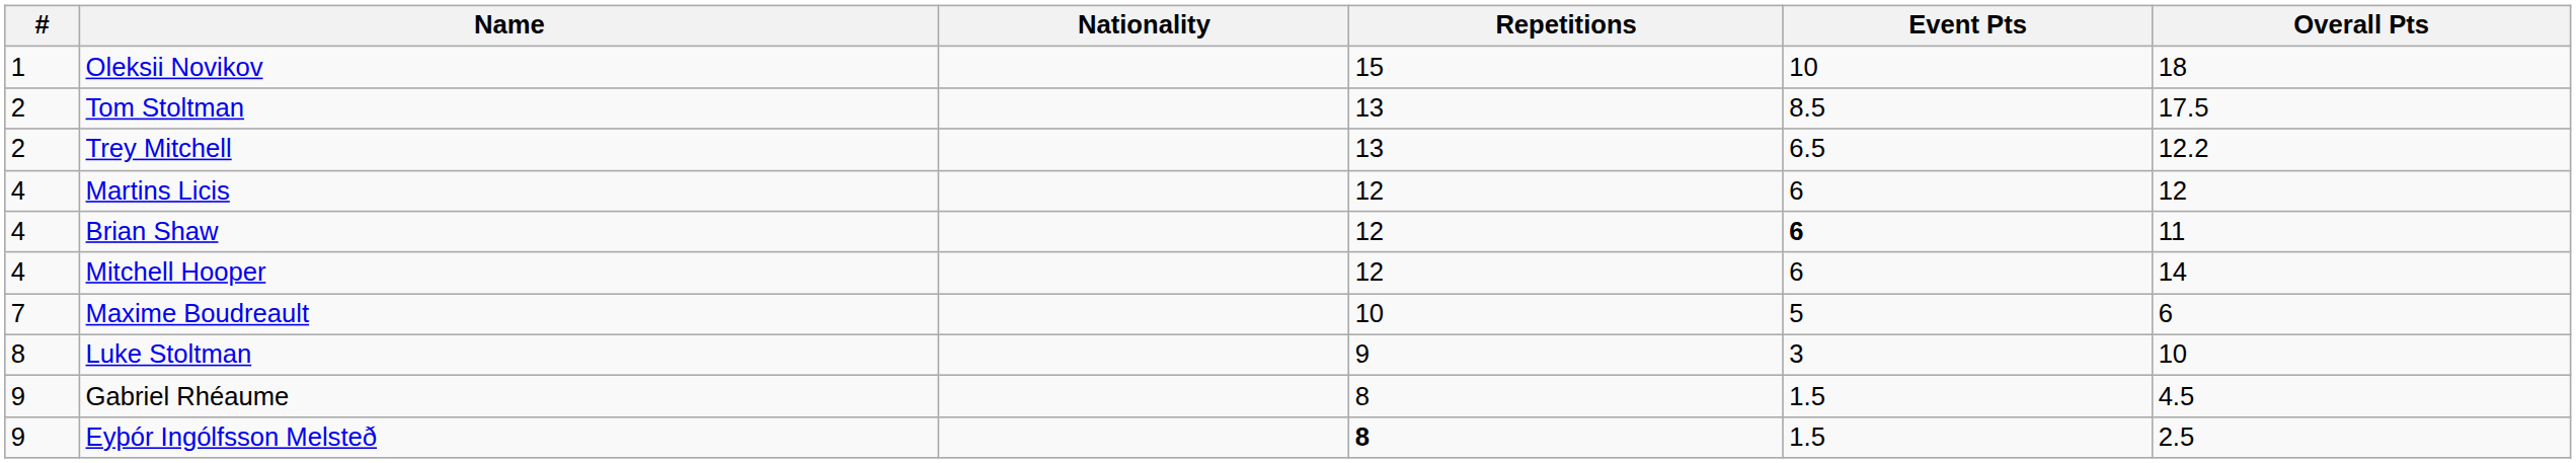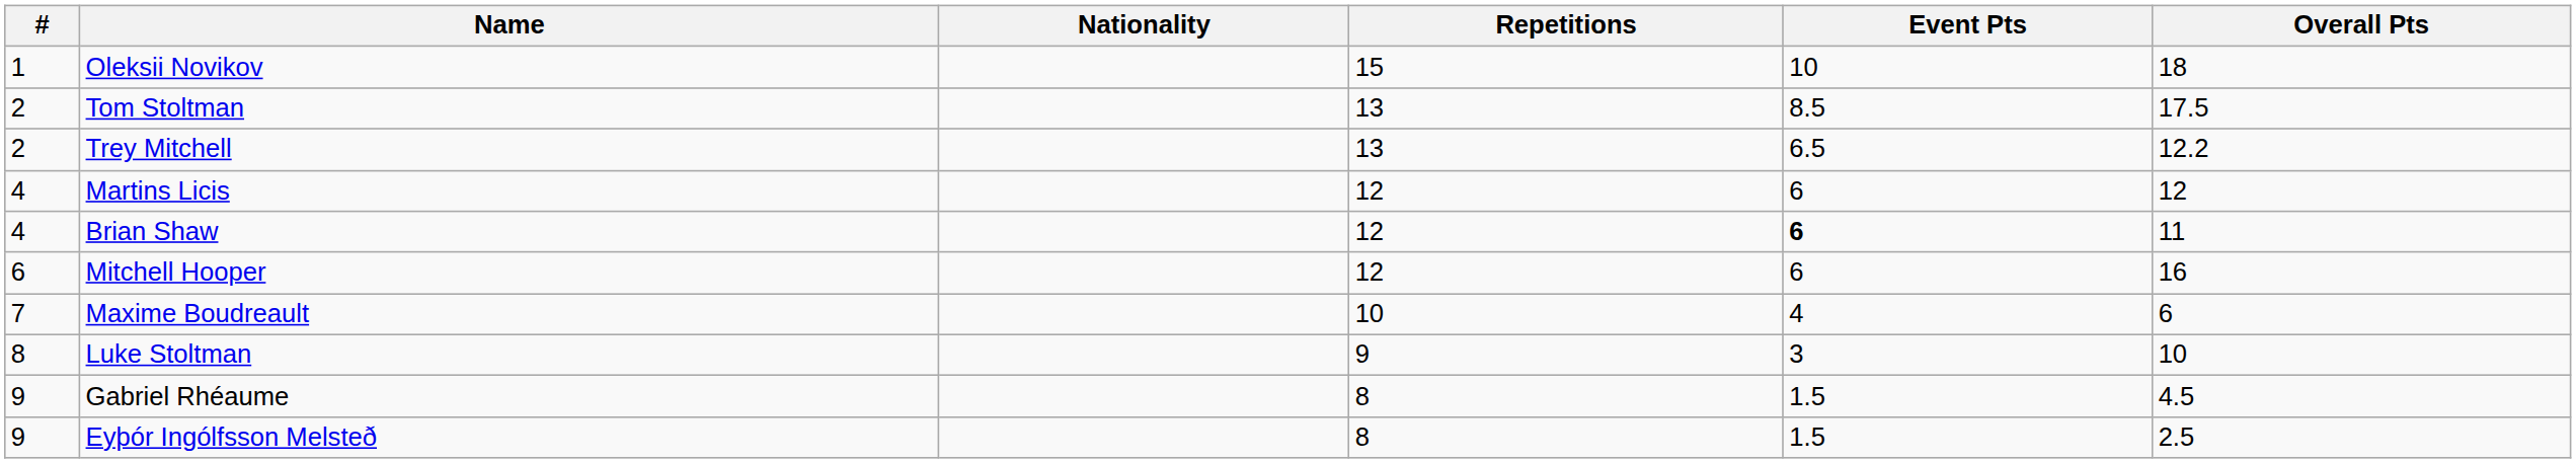 <table class="wikitable sortable" style="display: inline-table;width: 100%;">
 <tr>
 <th>#</th>
 <th>Name</th>
 <th>Nationality</th>
 <th>Repetitions</th>
 <th>Event Pts</th>
 <th>Overall Pts</th>
 </tr>
 <tr>
 <td>1</td>
 <td><a href='#'>Oleksii Novikov</a></td>
 <td></td>
 <td>15</td>
 <td>10</td>
 <td>18</td>
 </tr>
 <tr>
 <td>2</td>
 <td><a href='#'>Tom Stoltman</a></td>
 <td></td>
 <td>13</td>
 <td>8.5</td>
 <td>17.5</td>
 </tr>
 <tr>
 <td>2</td>
 <td><a href='#'>Trey Mitchell</a></td>
 <td></td>
 <td>13</td>
 <td>6.5</td>
 <td>12.2</td>
 </tr>
 <tr>
 <td>4</td>
 <td><a href='#'>Martins Licis</a></td>
 <td></td>
 <td>12</td>
 <td>6</td>
 <td>12</td>
 </tr>
 <tr>
 <td>4</td>
 <td><a href='#'>Brian Shaw</a></td>
 <td></td>
 <td>12</td>
 <td><strong>6</strong></td>
 <td>11</td>
 </tr>
 <tr>
-<td>4</td>
+<td>6</td>
 <td><a href='#'>Mitchell Hooper</a></td>
 <td></td>
 <td>12</td>
 <td>6</td>
-<td>14</td>
+<td>16</td>
 </tr>
 <tr>
 <td>7</td>
 <td><a href='#'>Maxime Boudreault</a></td>
 <td></td>
 <td>10</td>
-<td>5</td>
+<td>4</td>
 <td>6</td>
 </tr>
 <tr>
 <td>8</td>
 <td><a href='#'>Luke Stoltman</a></td>
 <td></td>
 <td>9</td>
 <td>3</td>
 <td>10</td>
 </tr>
 <tr>
 <td>9</td>
 <td>Gabriel Rhéaume</td>
 <td></td>
 <td>8</td>
 <td>1.5</td>
 <td>4.5</td>
 </tr>
 <tr>
 <td>9</td>
 <td><a href='#'>Eyþór Ingólfsson Melsteð</a></td>
 <td></td>
-<td><strong>8</strong></td>
+<td>8</td>
 <td>1.5</td>
 <td>2.5</td>
 </tr>
 </table>
